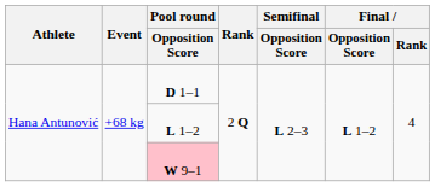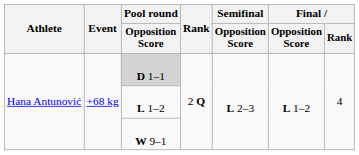 <table class="wikitable" style="font-size:90%">
 <tr>
 <th rowspan="2">Athlete</th>
 <th rowspan="2">Event</th>
 <th>Pool round</th>
 <th rowspan="2">Rank</th>
 <th>Semifinal</th>
 <th colspan=2>Final / </th>
 </tr>
 <tr style="font-size:95%">
 <th>Opposition <br> Score</th>
 <th>Opposition <br> Score</th>
 <th>Opposition <br> Score</th>
 <th>Rank</th>
 </tr>
 <tr align=center>
 <td align=left rowspan=3><a href='#'>Hana Antunović</a></td>
 <td align=left rowspan=3><a href='#'>+68 kg</a></td>
-<td><br><strong>D</strong> 1–1</td>
+<td style="background: lightgrey;"><br><strong>D</strong> 1–1</td>
 <td rowspan=3>2 <strong>Q</strong></td>
 <td rowspan=3><br><strong>L</strong> 2–3</td>
 <td rowspan=3><br><strong>L</strong> 1–2</td>
 <td rowspan=3>4</td>
 </tr>
 <tr align=center>
 <td><br><strong>L</strong> 1–2</td>
 </tr>
 <tr align=center>
-<td style="background: pink;"><br><strong>W</strong> 9–1</td>
+<td><br><strong>W</strong> 9–1</td>
 </tr>
 </table>
